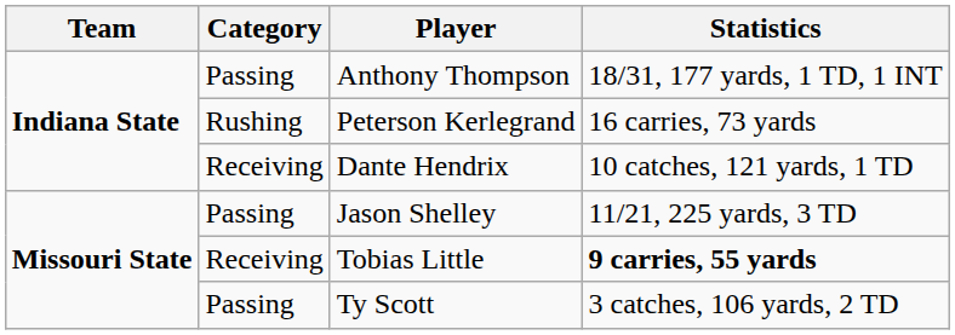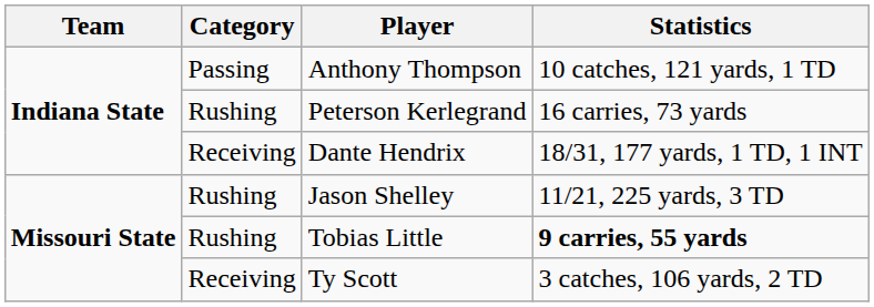 <table class="wikitable" style="float: right;">
 <tr>
 <th>Team</th>
 <th>Category</th>
 <th>Player</th>
 <th>Statistics</th>
 </tr>
 <tr>
 <td rowspan=3><strong>Indiana State</strong></td>
 <td>Passing</td>
 <td>Anthony Thompson</td>
-<td>18/31, 177 yards, 1 TD, 1 INT</td>
+<td>10 catches, 121 yards, 1 TD</td>
 </tr>
 <tr>
 <td>Rushing</td>
 <td>Peterson Kerlegrand</td>
 <td>16 carries, 73 yards</td>
 </tr>
 <tr>
 <td>Receiving</td>
 <td>Dante Hendrix</td>
-<td>10 catches, 121 yards, 1 TD</td>
+<td>18/31, 177 yards, 1 TD, 1 INT</td>
 </tr>
 <tr>
 <td rowspan=3><strong>Missouri State</strong></td>
-<td>Passing</td>
+<td>Rushing</td>
 <td>Jason Shelley</td>
 <td>11/21, 225 yards, 3 TD</td>
 </tr>
 <tr>
-<td>Receiving</td>
+<td>Rushing</td>
 <td>Tobias Little</td>
 <td><strong>9 carries, 55 yards</strong></td>
 </tr>
 <tr>
-<td>Passing</td>
+<td>Receiving</td>
 <td>Ty Scott</td>
 <td>3 catches, 106 yards, 2 TD</td>
 </tr>
 </table>
